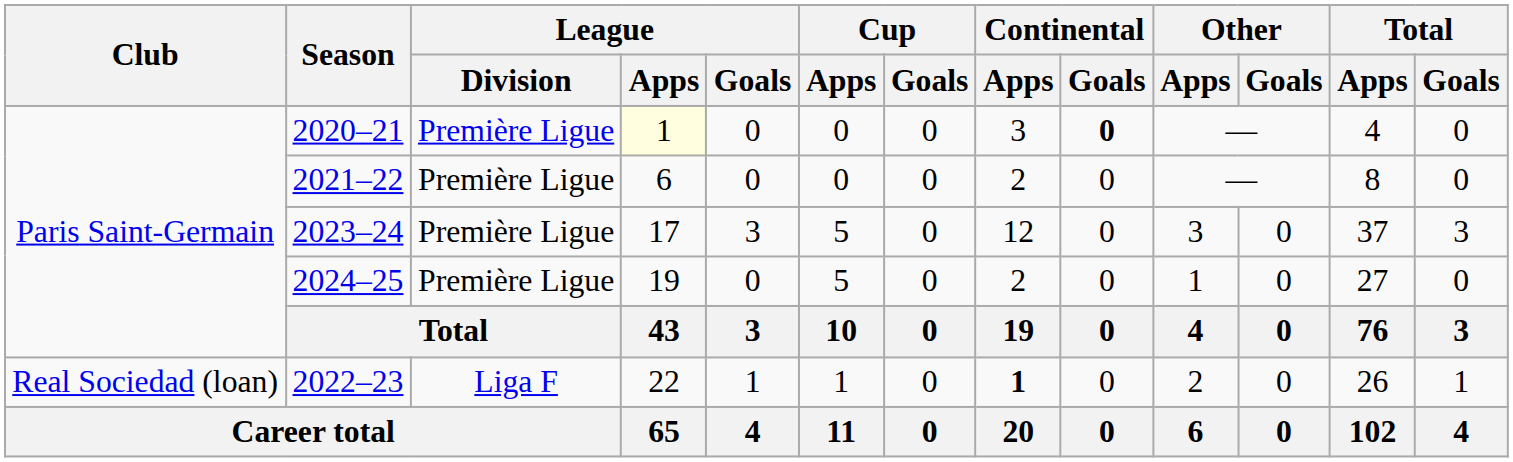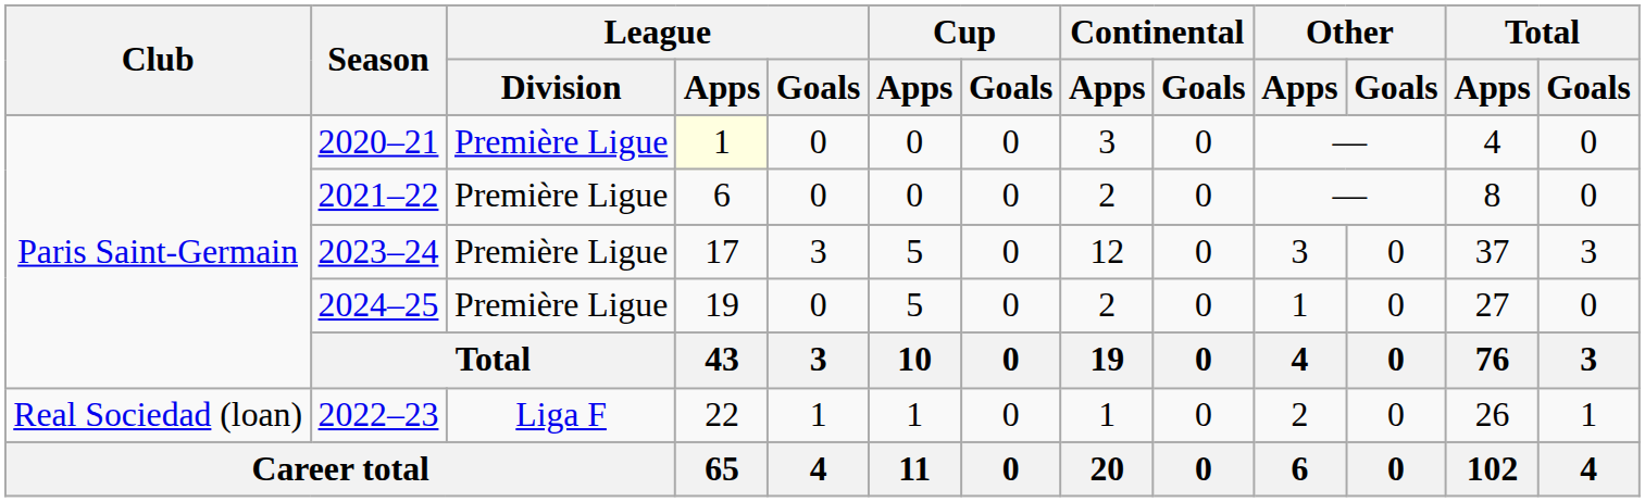 <table class="wikitable" style="text-align: center;">
 <tr>
 <th rowspan="2">Club</th>
 <th rowspan="2">Season</th>
 <th colspan="3">League</th>
 <th colspan="2">Cup</th>
 <th colspan="2">Continental</th>
 <th colspan="2">Other</th>
 <th colspan="2">Total</th>
 </tr>
 <tr>
 <th>Division</th>
 <th>Apps</th>
 <th>Goals</th>
 <th>Apps</th>
 <th>Goals</th>
 <th>Apps</th>
 <th>Goals</th>
 <th>Apps</th>
 <th>Goals</th>
 <th>Apps</th>
 <th>Goals</th>
 </tr>
 <tr>
 <td rowspan="5"><a href='#'>Paris Saint-Germain</a></td>
 <td><a href='#'>2020–21</a></td>
 <td><a href='#'>Première Ligue</a></td>
 <td style="background: lightyellow;">1</td>
 <td>0</td>
 <td>0</td>
 <td>0</td>
 <td>3</td>
-<td><strong>0</strong></td>
+<td>0</td>
 <td colspan="2">—</td>
 <td>4</td>
 <td>0</td>
 </tr>
 <tr>
 <td><a href='#'>2021–22</a></td>
 <td>Première Ligue</td>
 <td>6</td>
 <td>0</td>
 <td>0</td>
 <td>0</td>
 <td>2</td>
 <td>0</td>
 <td colspan="2">—</td>
 <td>8</td>
 <td>0</td>
 </tr>
 <tr>
 <td><a href='#'>2023–24</a></td>
 <td>Première Ligue</td>
 <td>17</td>
 <td>3</td>
 <td>5</td>
 <td>0</td>
 <td>12</td>
 <td>0</td>
 <td>3</td>
 <td>0</td>
 <td>37</td>
 <td>3</td>
 </tr>
 <tr>
 <td><a href='#'>2024–25</a></td>
 <td>Première Ligue</td>
 <td>19</td>
 <td>0</td>
 <td>5</td>
 <td>0</td>
 <td>2</td>
 <td>0</td>
 <td>1</td>
 <td>0</td>
 <td>27</td>
 <td>0</td>
 </tr>
 <tr>
 <th colspan=2>Total</th>
 <th>43</th>
 <th>3</th>
 <th>10</th>
 <th>0</th>
 <th>19</th>
 <th>0</th>
 <th>4</th>
 <th>0</th>
 <th>76</th>
 <th>3</th>
 </tr>
 <tr>
 <td><a href='#'>Real Sociedad</a> (loan)</td>
 <td><a href='#'>2022–23</a></td>
 <td><a href='#'>Liga F</a></td>
 <td>22</td>
 <td>1</td>
 <td>1</td>
 <td>0</td>
-<td><strong>1</strong></td>
+<td>1</td>
 <td>0</td>
 <td>2</td>
 <td>0</td>
 <td>26</td>
 <td>1</td>
 </tr>
 <tr>
 <th colspan=3>Career total</th>
 <th>65</th>
 <th>4</th>
 <th>11</th>
 <th>0</th>
 <th>20</th>
 <th>0</th>
 <th>6</th>
 <th>0</th>
 <th>102</th>
 <th>4</th>
 </tr>
 </table>
